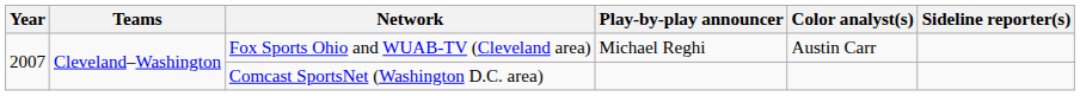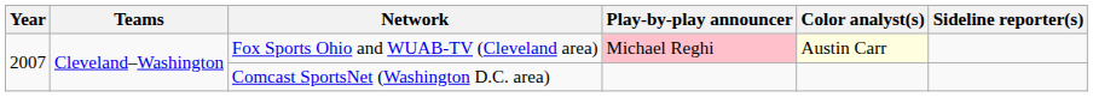 <table class="wikitable">
 <tr>
 <th>Year</th>
 <th>Teams</th>
 <th>Network</th>
 <th>Play-by-play announcer</th>
 <th>Color analyst(s)</th>
 <th>Sideline reporter(s)</th>
 </tr>
 <tr>
 <td rowspan=2>2007</td>
 <td rowspan=2><a href='#'>Cleveland</a>–<a href='#'>Washington</a></td>
 <td><a href='#'>Fox Sports Ohio</a> and <a href='#'>WUAB-TV</a> (<a href='#'>Cleveland</a> area)</td>
-<td>Michael Reghi</td>
-<td>Austin Carr</td>
+<td style="background: pink;">Michael Reghi</td>
+<td style="background: lightyellow;">Austin Carr</td>
 <td></td>
 </tr>
 <tr>
 <td><a href='#'>Comcast SportsNet</a> (<a href='#'>Washington</a> D.C. area)</td>
 <td></td>
 <td></td>
 <td></td>
 </tr>
 </table>
